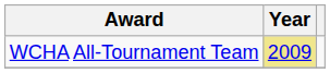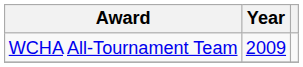 <table class="wikitable">
 <tr>
 <th>Award</th>
 <th>Year</th>
 <th></th>
 </tr>
 <tr>
 <td><a href='#'>WCHA</a> <a href='#'>All-Tournament Team</a></td>
-<td style="background: khaki;"><a href='#'>2009</a></td>
+<td><a href='#'>2009</a></td>
 <td></td>
 </tr>
 <tr>
 </tr>
 </table>
